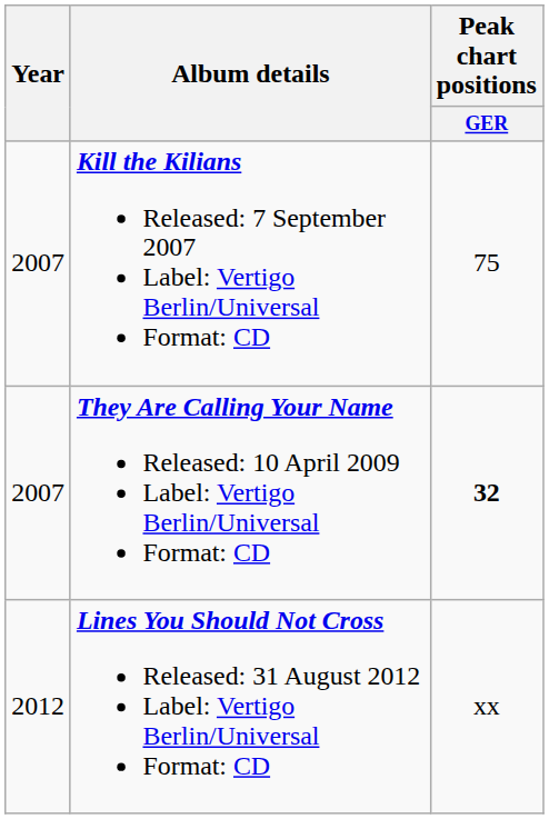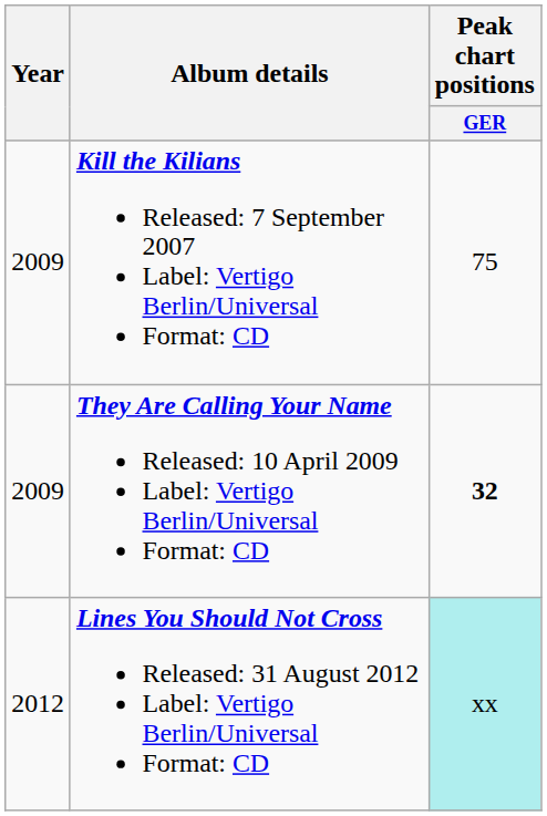 <table class="wikitable" style="text-align:center;">
 <tr>
 <th rowspan="2">Year</th>
 <th width="210" rowspan="2">Album details</th>
 <th colspan="10">Peak chart positions</th>
 </tr>
 <tr>
 <th style="width:3em;font-size:75%"><a href='#'>GER</a><br></th>
 </tr>
 <tr>
-<td>2007</td>
+<td>2009</td>
 <td align="left"><strong><em><a href='#'>Kill the Kilians</a></em></strong><br><ul><li>Released: 7 September 2007</li><li>Label: <a href='#'>Vertigo Berlin/Universal</a></li><li>Format: <a href='#'>CD</a></li></ul></td>
 <td>75</td>
 </tr>
 <tr>
-<td>2007</td>
+<td>2009</td>
 <td align="left"><strong><em><a href='#'>They Are Calling Your Name</a></em></strong><br><ul><li>Released: 10 April 2009</li><li>Label: <a href='#'>Vertigo Berlin/Universal</a></li><li>Format: <a href='#'>CD</a></li></ul></td>
 <td><strong>32</strong></td>
 </tr>
 <tr>
 <td>2012</td>
 <td align="left"><strong><em><a href='#'>Lines You Should Not Cross</a></em></strong><br><ul><li>Released: 31 August 2012</li><li>Label: <a href='#'>Vertigo Berlin/Universal</a></li><li>Format: <a href='#'>CD</a></li></ul></td>
-<td>xx</td>
+<td style="background: paleturquoise;">xx</td>
 </tr>
 </table>
